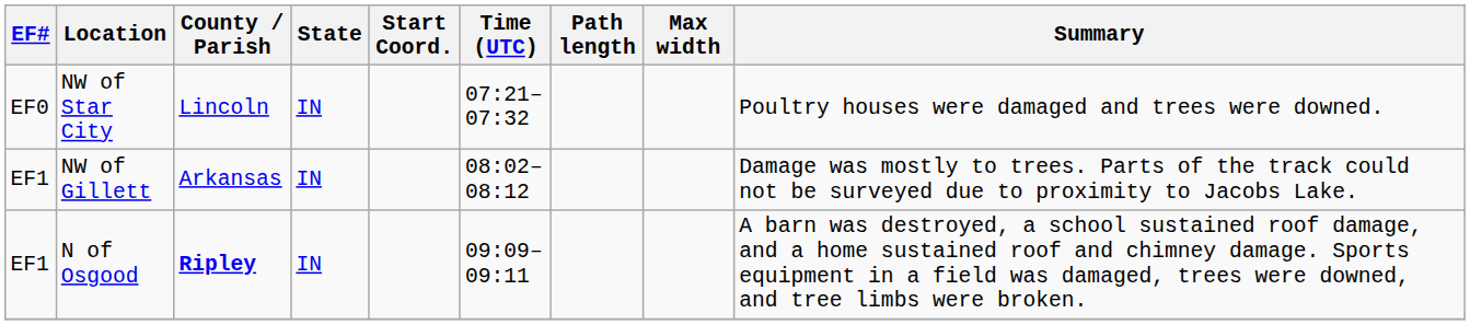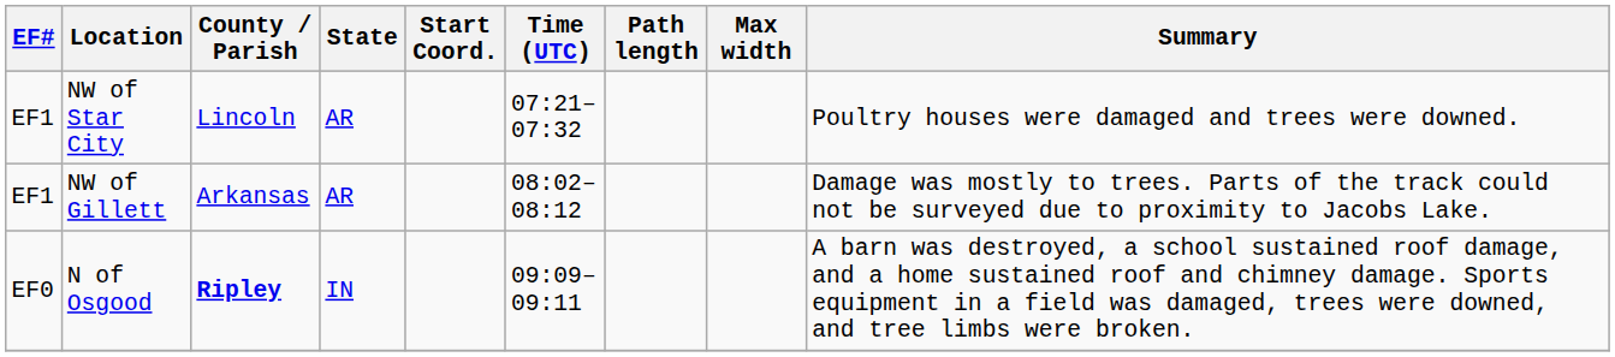 <table class="wikitable sortable" style="width:100%;">
 <tr>
 <th scope="col"  style="width:3%; text-align:center;"><a href='#'>EF#</a></th>
 <th scope="col"  style="width:7%; text-align:center;" class="unsortable">Location</th>
 <th scope="col"  style="width:6%; text-align:center;" class="unsortable">County / Parish</th>
 <th scope="col"  style="width:5%; text-align:center;">State</th>
 <th scope="col"  style="width:6%; text-align:center;">Start Coord.</th>
 <th scope="col"  style="width:6%; text-align:center;">Time (<a href='#'>UTC</a>)</th>
 <th scope="col"  style="width:6%; text-align:center;">Path length</th>
 <th scope="col"  style="width:6%; text-align:center;">Max width</th>
 <th scope="col" class="unsortable" style="width:48%; text-align:center;">Summary</th>
 </tr>
 <tr>
-<td>EF0</td>
+<td>EF1</td>
 <td>NW of <a href='#'>Star City</a></td>
 <td><a href='#'>Lincoln</a></td>
-<td><a href='#'>IN</a></td>
+<td><a href='#'>AR</a></td>
 <td></td>
 <td>07:21–07:32</td>
 <td></td>
 <td></td>
 <td>Poultry houses were damaged and trees were downed.</td>
 </tr>
 <tr>
 <td>EF1</td>
 <td>NW of <a href='#'>Gillett</a></td>
 <td><a href='#'>Arkansas</a></td>
-<td><a href='#'>IN</a></td>
+<td><a href='#'>AR</a></td>
 <td></td>
 <td>08:02–08:12</td>
 <td></td>
 <td></td>
 <td>Damage was mostly to trees. Parts of the track could not be surveyed due to proximity to Jacobs Lake.</td>
 </tr>
 <tr>
-<td>EF1</td>
+<td>EF0</td>
 <td>N of <a href='#'>Osgood</a></td>
 <td><strong><a href='#'>Ripley</a></strong></td>
 <td><a href='#'>IN</a></td>
 <td></td>
 <td>09:09–09:11</td>
 <td></td>
 <td></td>
 <td>A barn was destroyed, a school sustained roof damage, and a home sustained roof and chimney damage. Sports equipment in a field was damaged, trees were downed, and tree limbs were broken.</td>
 </tr>
 <tr>
 </tr>
 </table>
